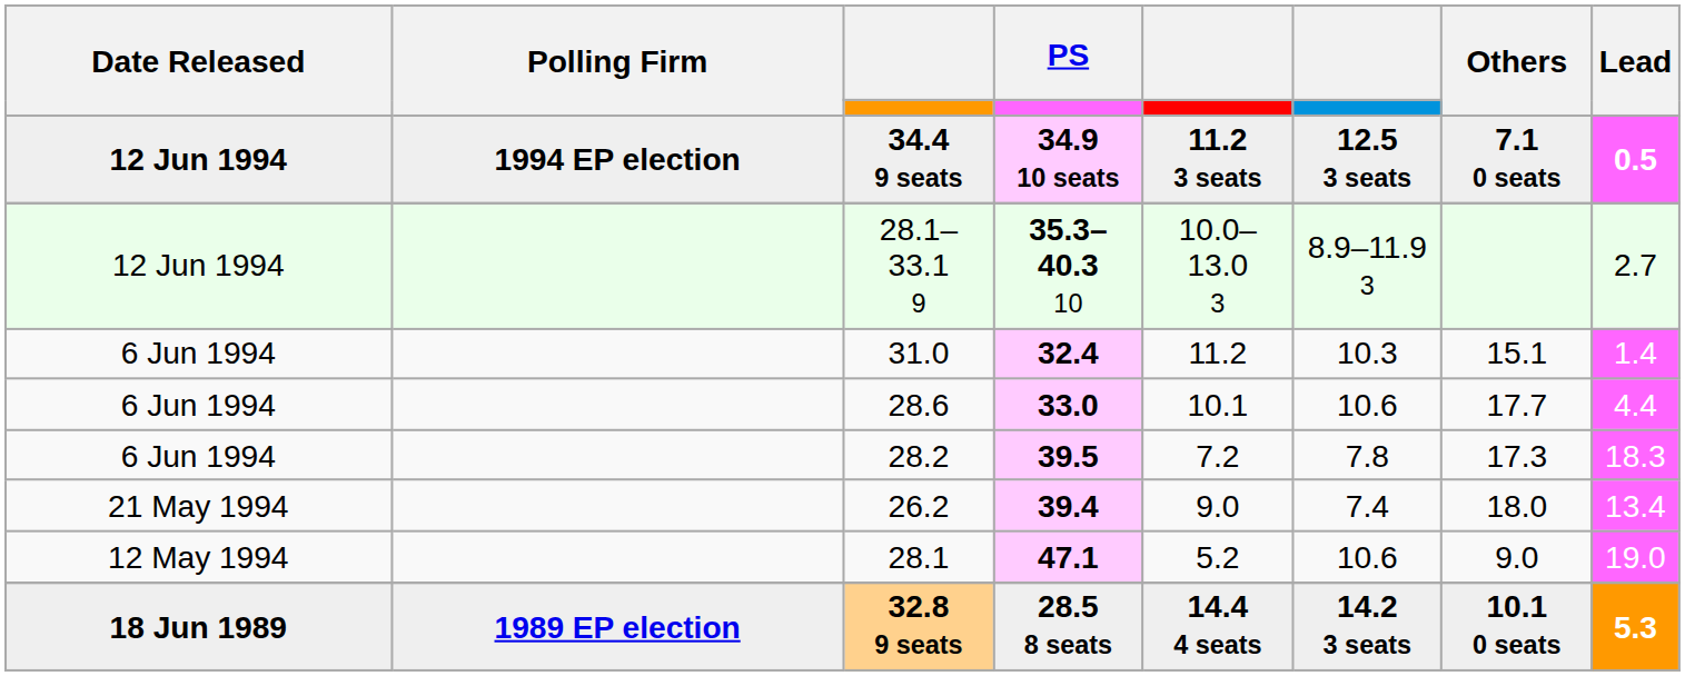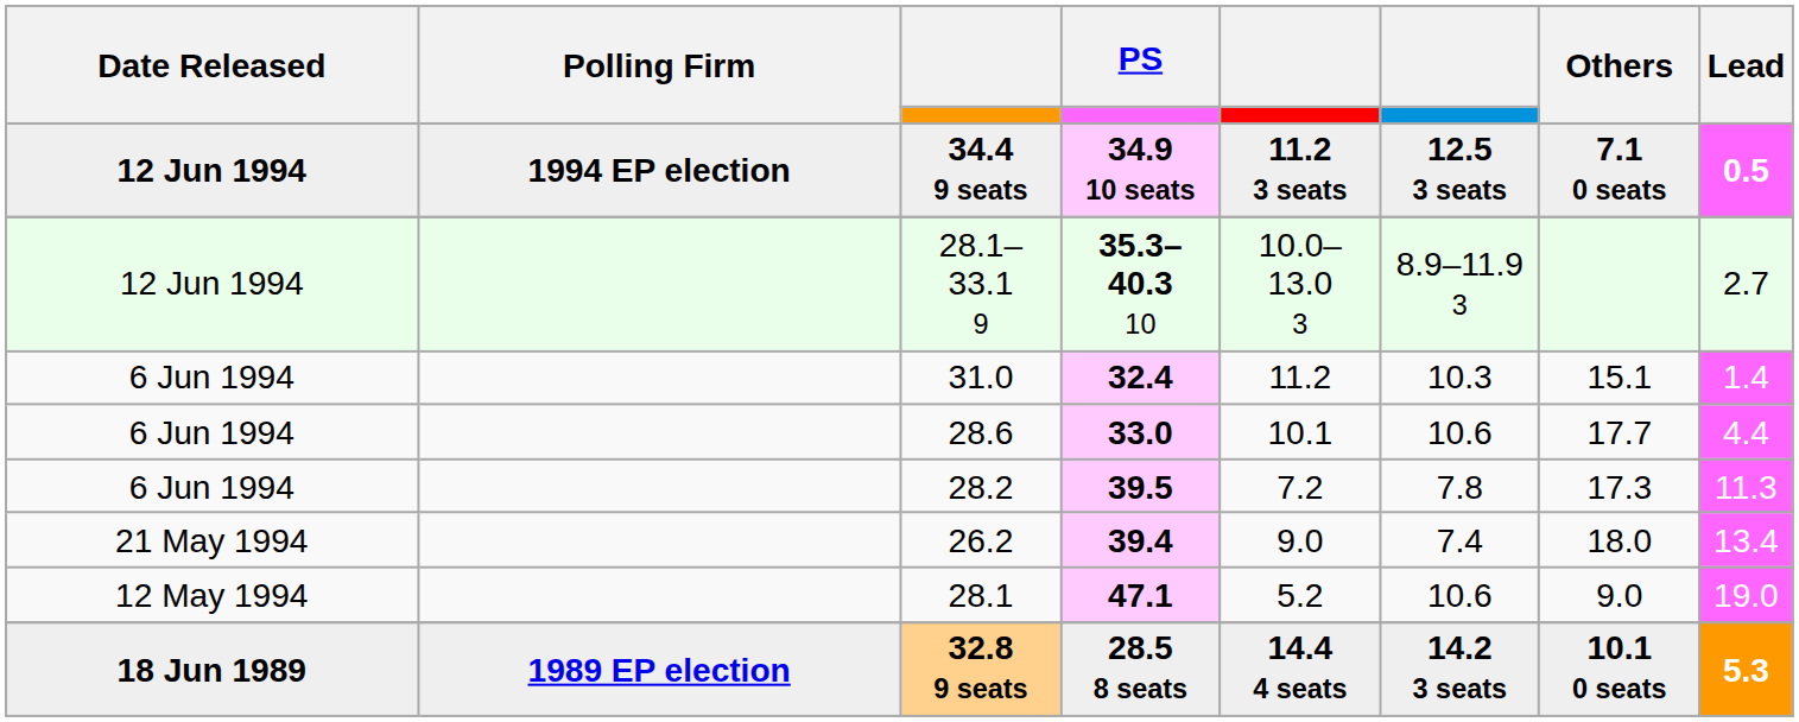 <table class="wikitable" style="text-align:center; font-size:87%; line-height:16px;">
 <tr style="height:42px;">
 <th style="width:165px;" rowspan="2">Date Released</th>
 <th style="width:195px;" rowspan="2">Polling Firm</th>
 <th></th>
 <th><a href='#'>PS</a></th>
 <th></th>
 <th></th>
 <th style="width:60px;" rowspan="2">Others</th>
 <th style="width:25px;" rowspan="2">Lead</th>
 </tr>
 <tr>
 <th style="color:inherit;background:#FF9900; width:60px;"></th>
 <th style="color:inherit;background:#FF66FF; width:60px;"></th>
 <th style="color:inherit;background:red; width:60px;"></th>
 <th style="color:inherit;background:#0093DD; width:60px;"></th>
 </tr>
 <tr style="background:#EFEFEF; font-weight:bold;">
 <td align="center">12 Jun 1994</td>
 <td align="center">1994 EP election</td>
 <td align="center">34.4<br><small>9 seats</small></td>
 <td align="center" style="background:#FFCBFF">34.9<br><small>10 seats</small></td>
 <td align="center">11.2<br><small>3 seats</small></td>
 <td align="center">12.5<br><small>3 seats</small></td>
 <td align="center">7.1<br><small>0 seats</small></td>
 <td style="background:#FF66FF; color:white">0.5</td>
 </tr>
 <tr>
 </tr>
 <tr style="background:#EAFFEA">
 <td>12 Jun 1994</td>
 <td></td>
 <td>28.1–33.1<br><small>9</small></td>
 <td><strong>35.3–40.3</strong><br><small>10</small></td>
 <td>10.0–13.0<br><small>3</small></td>
 <td>8.9–11.9<br><small>3</small></td>
 <td></td>
 <td style="background:">2.7</td>
 </tr>
 <tr>
 <td align="center">6 Jun 1994</td>
 <td align="center"></td>
 <td align="center">31.0</td>
 <td align="center" style="background:#FFCBFF"><strong>32.4</strong></td>
 <td align="center">11.2</td>
 <td align="center">10.3</td>
 <td align="center">15.1</td>
 <td style="background:#FF66FF; color:white">1.4</td>
 </tr>
 <tr>
 <td align="center">6 Jun 1994</td>
 <td align="center"></td>
 <td align="center">28.6</td>
 <td align="center" style="background:#FFCBFF"><strong>33.0</strong></td>
 <td align="center">10.1</td>
 <td align="center">10.6</td>
 <td align="center">17.7</td>
 <td style="background:#FF66FF; color:white">4.4</td>
 </tr>
 <tr>
 <td align="center">6 Jun 1994</td>
 <td align="center"></td>
 <td align="center">28.2</td>
 <td align="center" style="background:#FFCBFF"><strong>39.5</strong></td>
 <td align="center">7.2</td>
 <td align="center">7.8</td>
 <td align="center">17.3</td>
-<td style="background:#FF66FF; color:white">18.3</td>
+<td style="background:#FF66FF; color:white">11.3</td>
 </tr>
 <tr>
 <td align="center">21 May 1994</td>
 <td align="center"></td>
 <td align="center">26.2</td>
 <td align="center" style="background:#FFCBFF"><strong>39.4</strong></td>
 <td align="center">9.0</td>
 <td align="center">7.4</td>
 <td align="center">18.0</td>
 <td style="background:#FF66FF; color:white">13.4</td>
 </tr>
 <tr>
 <td align="center">12 May 1994</td>
 <td align="center"></td>
 <td align="center">28.1</td>
 <td align="center" style="background:#FFCBFF"><strong>47.1</strong></td>
 <td align="center">5.2</td>
 <td align="center">10.6</td>
 <td align="center">9.0</td>
 <td style="background:#FF66FF; color:white">19.0</td>
 </tr>
 <tr>
 </tr>
 <tr style="background:#EFEFEF; font-weight:bold;">
 <td align="center">18 Jun 1989</td>
 <td align="center"><a href='#'>1989 EP election</a></td>
 <td align="center" style="background:#FFD18D">32.8<br><small>9 seats</small></td>
 <td align="center">28.5<br><small>8 seats</small></td>
 <td align="center">14.4<br><small>4 seats</small></td>
 <td align="center">14.2<br><small>3 seats</small></td>
 <td align="center">10.1<br><small>0 seats</small></td>
 <td style="background:#FF9900; color:white">5.3</td>
 </tr>
 </table>
